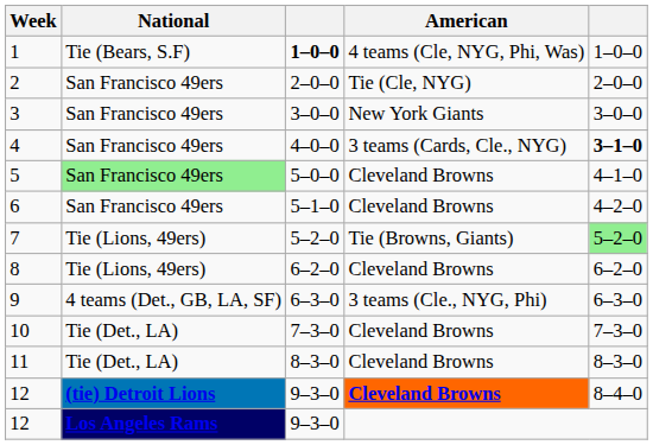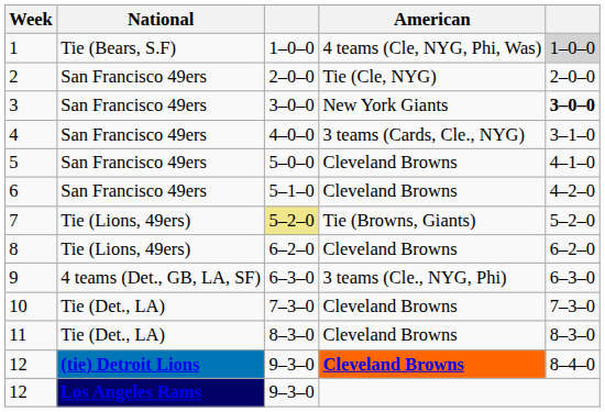 <table class="wikitable">
 <tr>
 <th>Week</th>
 <th>National</th>
 <th></th>
 <th>American</th>
 <th></th>
 </tr>
 <tr>
 <td>1</td>
 <td>Tie (Bears, S.F)</td>
-<td><strong>1–0–0</strong></td>
+<td>1–0–0</td>
 <td>4 teams (Cle, NYG, Phi, Was)</td>
-<td>1–0–0</td>
+<td style="background: lightgrey;">1–0–0</td>
 </tr>
 <tr>
 <td>2</td>
 <td>San Francisco 49ers</td>
 <td>2–0–0</td>
 <td>Tie (Cle, NYG)</td>
 <td>2–0–0</td>
 </tr>
 <tr>
 <td>3</td>
 <td>San Francisco 49ers</td>
 <td>3–0–0</td>
 <td>New York Giants</td>
-<td>3–0–0</td>
+<td><strong>3–0–0</strong></td>
 </tr>
 <tr>
 <td>4</td>
 <td>San Francisco 49ers</td>
 <td>4–0–0</td>
 <td>3 teams (Cards, Cle., NYG)</td>
-<td><strong>3–1–0</strong></td>
+<td>3–1–0</td>
 </tr>
 <tr>
 <td>5</td>
-<td style="background: lightgreen;">San Francisco 49ers</td>
+<td>San Francisco 49ers</td>
 <td>5–0–0</td>
 <td>Cleveland Browns</td>
 <td>4–1–0</td>
 </tr>
 <tr>
 <td>6</td>
 <td>San Francisco 49ers</td>
 <td>5–1–0</td>
 <td>Cleveland Browns</td>
 <td>4–2–0</td>
 </tr>
 <tr>
 <td>7</td>
 <td>Tie (Lions, 49ers)</td>
+<td style="background: khaki;">5–2–0</td>
+<td>Tie (Browns, Giants)</td>
 <td>5–2–0</td>
-<td>Tie (Browns, Giants)</td>
-<td style="background: lightgreen;">5–2–0</td>
 </tr>
 <tr>
 <td>8</td>
 <td>Tie (Lions, 49ers)</td>
 <td>6–2–0</td>
 <td>Cleveland Browns</td>
 <td>6–2–0</td>
 </tr>
 <tr>
 <td>9</td>
 <td>4 teams (Det., GB, LA, SF)</td>
 <td>6–3–0</td>
 <td>3 teams (Cle., NYG, Phi)</td>
 <td>6–3–0</td>
 </tr>
 <tr>
 <td>10</td>
 <td>Tie (Det., LA)</td>
 <td>7–3–0</td>
 <td>Cleveland Browns</td>
 <td>7–3–0</td>
 </tr>
 <tr>
 <td>11</td>
 <td>Tie (Det., LA)</td>
 <td>8–3–0</td>
 <td>Cleveland Browns</td>
 <td>8–3–0</td>
 </tr>
 <tr>
 <td>12</td>
 <td bgcolor="#0076B6"><strong><a href='#'><span>(tie) Detroit Lions</span></a></strong></td>
 <td>9–3–0</td>
 <td bgcolor="#FF6600"><strong><a href='#'><span>Cleveland Browns</span></a></strong></td>
 <td>8–4–0</td>
 </tr>
 <tr>
 <td>12</td>
 <td bgcolor="#000066"><strong><a href='#'><span>Los Angeles Rams</span></a></strong></td>
 <td>9–3–0</td>
 </tr>
 </table>
